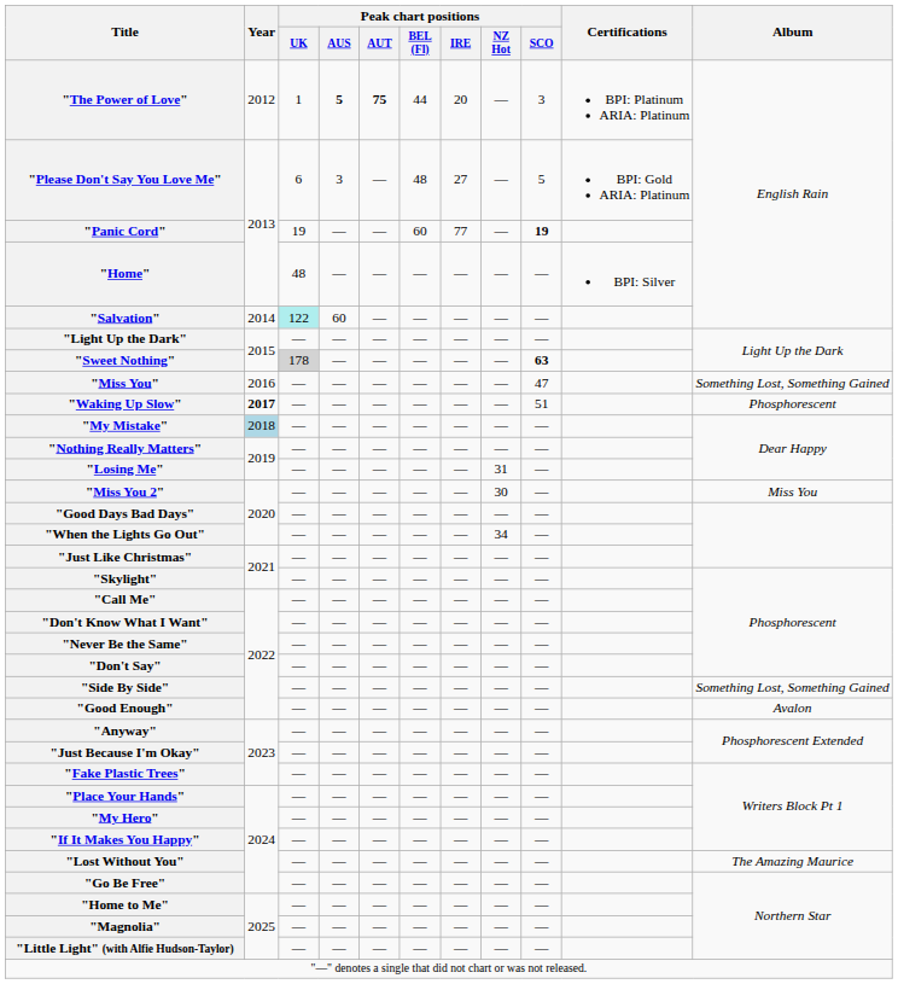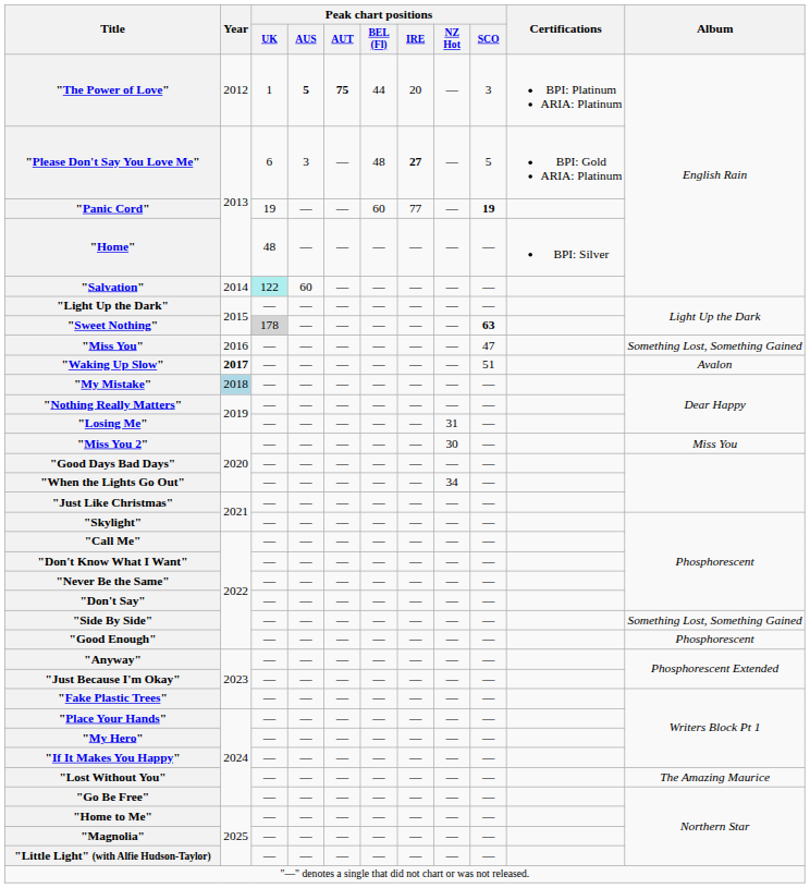 <table class="wikitable plainrowheaders" style="text-align:center;">
 <tr>
 <th scope="col" rowspan="2" style="width:17em;">Title</th>
 <th scope="col" rowspan="2" style="width:1em;">Year</th>
 <th scope="col" colspan="7">Peak chart positions</th>
 <th scope="col" rowspan="2">Certifications</th>
 <th scope="col" rowspan="2">Album</th>
 </tr>
 <tr>
 <th scope="col" style="width:3em;font-size:85%;"><a href='#'>UK</a><br></th>
 <th scope="col" style="width:3em;font-size:85%;"><a href='#'>AUS</a><br></th>
 <th scope="col" style="width:3em;font-size:85%;"><a href='#'>AUT</a><br></th>
 <th scope="col" style="width:3em;font-size:85%;"><a href='#'>BEL (Fl)</a><br></th>
 <th scope="col" style="width:3em;font-size:85%;"><a href='#'>IRE</a><br></th>
 <th scope="col" style="width:3em;font-size:85%;"><a href='#'>NZ<br>Hot</a><br></th>
 <th scope="col" style="width:3em;font-size:85%;"><a href='#'>SCO</a><br></th>
 </tr>
 <tr>
 <th scope="row">"<a href='#'>The Power of Love</a>"</th>
 <td>2012</td>
 <td>1</td>
 <td><strong>5</strong></td>
 <td><strong>75</strong></td>
 <td>44</td>
 <td>20</td>
 <td>—</td>
 <td>3</td>
 <td><br><ul><li>BPI: Platinum</li><li>ARIA: Platinum</li></ul></td>
 <td rowspan="5"><em>English Rain</em></td>
 </tr>
 <tr>
 <th scope="row">"<a href='#'>Please Don't Say You Love Me</a>"</th>
 <td rowspan="3">2013</td>
 <td>6</td>
 <td>3</td>
 <td>—</td>
 <td>48</td>
-<td>27</td>
+<td><strong>27</strong></td>
 <td>—</td>
 <td>5</td>
 <td><br><ul><li>BPI: Gold</li><li>ARIA: Platinum</li></ul></td>
 </tr>
 <tr>
 <th scope="row">"<a href='#'>Panic Cord</a>"</th>
 <td>19</td>
 <td>—</td>
 <td>—</td>
 <td>60</td>
 <td>77</td>
 <td>—</td>
 <td><strong>19</strong></td>
 <td></td>
 </tr>
 <tr>
 <th scope="row">"<a href='#'>Home</a>"</th>
 <td>48</td>
 <td>—</td>
 <td>—</td>
 <td>—</td>
 <td>—</td>
 <td>—</td>
 <td>—</td>
 <td><br><ul><li>BPI: Silver</li></ul></td>
 </tr>
 <tr>
 <th scope="row">"<a href='#'>Salvation</a>"</th>
 <td>2014</td>
 <td style="background: paleturquoise;">122</td>
 <td>60</td>
 <td>—</td>
 <td>—</td>
 <td>—</td>
 <td>—</td>
 <td>—</td>
 <td></td>
 </tr>
 <tr>
 <th scope="row">"Light Up the Dark"</th>
 <td rowspan="2">2015</td>
 <td>—</td>
 <td>—</td>
 <td>—</td>
 <td>—</td>
 <td>—</td>
 <td>—</td>
 <td>—</td>
 <td></td>
 <td rowspan="2"><em>Light Up the Dark</em></td>
 </tr>
 <tr>
 <th scope="row">"<a href='#'>Sweet Nothing</a>"</th>
 <td style="background: lightgrey;">178</td>
 <td>—</td>
 <td>—</td>
 <td>—</td>
 <td>—</td>
 <td>—</td>
 <td><strong>63</strong></td>
 <td></td>
 </tr>
 <tr>
 <th scope="row">"<a href='#'>Miss You</a>"</th>
 <td>2016</td>
 <td>—</td>
 <td>—</td>
 <td>—</td>
 <td>—</td>
 <td>—</td>
 <td>—</td>
 <td>47</td>
 <td></td>
 <td><em>Something Lost, Something Gained</em></td>
 </tr>
 <tr>
 <th scope="row">"<a href='#'>Waking Up Slow</a>"</th>
 <td><strong>2017</strong></td>
 <td>—</td>
 <td>—</td>
 <td>—</td>
 <td>—</td>
 <td>—</td>
 <td>—</td>
 <td>51</td>
 <td></td>
-<td><em>Phosphorescent</em></td>
+<td><em>Avalon</em></td>
 </tr>
 <tr>
 <th scope="row">"<a href='#'>My Mistake</a>"</th>
 <td style="background: lightblue;">2018</td>
 <td>—</td>
 <td>—</td>
 <td>—</td>
 <td>—</td>
 <td>—</td>
 <td>—</td>
 <td>—</td>
 <td></td>
 <td rowspan="3"><em>Dear Happy</em></td>
 </tr>
 <tr>
 <th scope="row">"<a href='#'>Nothing Really Matters</a>"</th>
 <td rowspan="2">2019</td>
 <td>—</td>
 <td>—</td>
 <td>—</td>
 <td>—</td>
 <td>—</td>
 <td>—</td>
 <td>—</td>
 <td></td>
 </tr>
 <tr>
 <th scope="row">"<a href='#'>Losing Me</a>"<br></th>
 <td>—</td>
 <td>—</td>
 <td>—</td>
 <td>—</td>
 <td>—</td>
 <td>31</td>
 <td>—</td>
 <td></td>
 </tr>
 <tr>
 <th scope="row">"<a href='#'>Miss You 2</a>"<br></th>
 <td rowspan="3">2020</td>
 <td>—</td>
 <td>—</td>
 <td>—</td>
 <td>—</td>
 <td>—</td>
 <td>30</td>
 <td>—</td>
 <td></td>
 <td><em>Miss You</em></td>
 </tr>
 <tr>
 <th scope="row">"Good Days Bad Days"<br></th>
 <td>—</td>
 <td>—</td>
 <td>—</td>
 <td>—</td>
 <td>—</td>
 <td>—</td>
 <td>—</td>
 <td></td>
 </tr>
 <tr>
 <th scope="row">"When the Lights Go Out"</th>
 <td>—</td>
 <td>—</td>
 <td>—</td>
 <td>—</td>
 <td>—</td>
 <td>34</td>
 <td>—</td>
 <td></td>
 </tr>
 <tr>
 <th scope="row">"Just Like Christmas"</th>
 <td rowspan="2">2021</td>
 <td>—</td>
 <td>—</td>
 <td>—</td>
 <td>—</td>
 <td>—</td>
 <td>—</td>
 <td>—</td>
 <td></td>
 </tr>
 <tr>
 <th scope="row">"Skylight"</th>
 <td>—</td>
 <td>—</td>
 <td>—</td>
 <td>—</td>
 <td>—</td>
 <td>—</td>
 <td>—</td>
 <td></td>
 <td rowspan="5"><em>Phosphorescent</em></td>
 </tr>
 <tr>
 <th scope="row">"Call Me"</th>
 <td rowspan="6">2022</td>
 <td>—</td>
 <td>—</td>
 <td>—</td>
 <td>—</td>
 <td>—</td>
 <td>—</td>
 <td>—</td>
 <td></td>
 </tr>
 <tr>
 <th scope="row">"Don't Know What I Want"</th>
 <td>—</td>
 <td>—</td>
 <td>—</td>
 <td>—</td>
 <td>—</td>
 <td>—</td>
 <td>—</td>
 <td></td>
 </tr>
 <tr>
 <th scope="row">"Never Be the Same"</th>
 <td>—</td>
 <td>—</td>
 <td>—</td>
 <td>—</td>
 <td>—</td>
 <td>—</td>
 <td>—</td>
 <td></td>
 </tr>
 <tr>
 <th scope="row">"Don't Say"</th>
 <td>—</td>
 <td>—</td>
 <td>—</td>
 <td>—</td>
 <td>—</td>
 <td>—</td>
 <td>—</td>
 <td></td>
 </tr>
 <tr>
 <th scope="row">"Side By Side"<br></th>
 <td>—</td>
 <td>—</td>
 <td>—</td>
 <td>—</td>
 <td>—</td>
 <td>—</td>
 <td>—</td>
 <td></td>
 <td><em>Something Lost, Something Gained</em></td>
 </tr>
 <tr>
 <th scope="row">"Good Enough"</th>
 <td>—</td>
 <td>—</td>
 <td>—</td>
 <td>—</td>
 <td>—</td>
 <td>—</td>
 <td>—</td>
 <td></td>
-<td><em>Avalon</em></td>
+<td><em>Phosphorescent</em></td>
 </tr>
 <tr>
 <th scope="row">"Anyway"<br></th>
 <td rowspan="3">2023</td>
 <td>—</td>
 <td>—</td>
 <td>—</td>
 <td>—</td>
 <td>—</td>
 <td>—</td>
 <td>—</td>
 <td></td>
 <td rowspan="2"><em>Phosphorescent Extended</em></td>
 </tr>
 <tr>
 <th scope="row">"Just Because I'm Okay"</th>
 <td>—</td>
 <td>—</td>
 <td>—</td>
 <td>—</td>
 <td>—</td>
 <td>—</td>
 <td>—</td>
 <td></td>
 </tr>
 <tr>
 <th scope="row">"<a href='#'>Fake Plastic Trees</a>"</th>
 <td>—</td>
 <td>—</td>
 <td>—</td>
 <td>—</td>
 <td>—</td>
 <td>—</td>
 <td>—</td>
 <td></td>
 <td rowspan="4"><em>Writers Block Pt 1</em></td>
 </tr>
 <tr>
 <th scope="row">"<a href='#'>Place Your Hands</a>"</th>
 <td rowspan="5">2024</td>
 <td>—</td>
 <td>—</td>
 <td>—</td>
 <td>—</td>
 <td>—</td>
 <td>—</td>
 <td>—</td>
 <td></td>
 </tr>
 <tr>
 <th scope="row">"<a href='#'>My Hero</a>"</th>
 <td>—</td>
 <td>—</td>
 <td>—</td>
 <td>—</td>
 <td>—</td>
 <td>—</td>
 <td>—</td>
 <td></td>
 </tr>
 <tr>
 <th scope="row">"<a href='#'>If It Makes You Happy</a>"</th>
 <td>—</td>
 <td>—</td>
 <td>—</td>
 <td>—</td>
 <td>—</td>
 <td>—</td>
 <td>—</td>
 <td></td>
 </tr>
 <tr>
 <th scope="row">"Lost Without You"<br></th>
 <td>—</td>
 <td>—</td>
 <td>—</td>
 <td>—</td>
 <td>—</td>
 <td>—</td>
 <td>—</td>
 <td></td>
 <td><em>The Amazing Maurice</em></td>
 </tr>
 <tr>
 <th scope="row">"Go Be Free"</th>
 <td>—</td>
 <td>—</td>
 <td>—</td>
 <td>—</td>
 <td>—</td>
 <td>—</td>
 <td>—</td>
 <td></td>
 <td rowspan="4"><em>Northern Star</em></td>
 </tr>
 <tr>
 <th scope="row">"Home to Me"</th>
 <td rowspan="3">2025</td>
 <td>—</td>
 <td>—</td>
 <td>—</td>
 <td>—</td>
 <td>—</td>
 <td>—</td>
 <td>—</td>
 <td></td>
 </tr>
 <tr>
 <th scope="row">"Magnolia"</th>
 <td>—</td>
 <td>—</td>
 <td>—</td>
 <td>—</td>
 <td>—</td>
 <td>—</td>
 <td>—</td>
 <td></td>
 </tr>
 <tr>
 <th scope="row">"Little Light" <small>(with Alfie Hudson-Taylor)</small></th>
 <td>—</td>
 <td>—</td>
 <td>—</td>
 <td>—</td>
 <td>—</td>
 <td>—</td>
 <td>—</td>
 <td></td>
 </tr>
 <tr>
 <td colspan="20" style="font-size:85%;">"—" denotes a single that did not chart or was not released.</td>
 </tr>
 </table>
